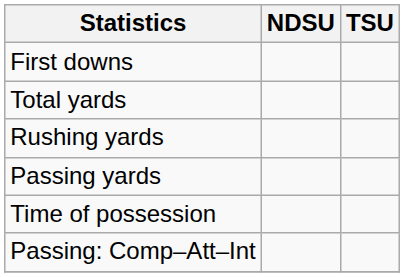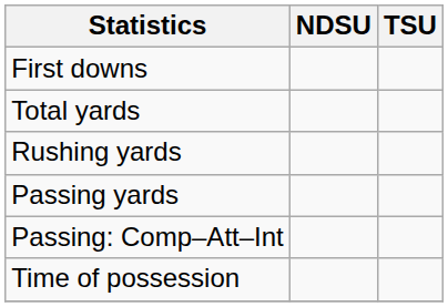 <table class="wikitable" style="float: left;">
 <tr>
 <th>Statistics</th>
 <th>NDSU</th>
 <th>TSU</th>
 </tr>
 <tr>
 <td>First downs</td>
 <td></td>
 <td></td>
 </tr>
 <tr>
 <td>Total yards</td>
 <td></td>
 <td></td>
 </tr>
 <tr>
 <td>Rushing yards</td>
 <td></td>
 <td></td>
 </tr>
 <tr>
 <td>Passing yards</td>
 <td></td>
 <td></td>
 </tr>
 <tr>
-<td>Time of possession</td>
+<td>Passing: Comp–Att–Int</td>
 <td></td>
 <td></td>
 </tr>
 <tr>
-<td>Passing: Comp–Att–Int</td>
+<td>Time of possession</td>
 <td></td>
 <td></td>
 </tr>
 <tr>
 </tr>
 </table>
